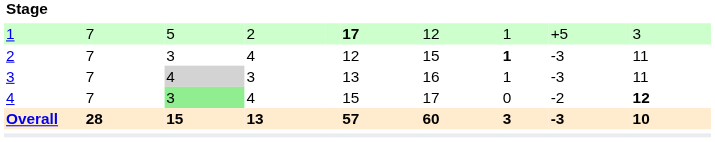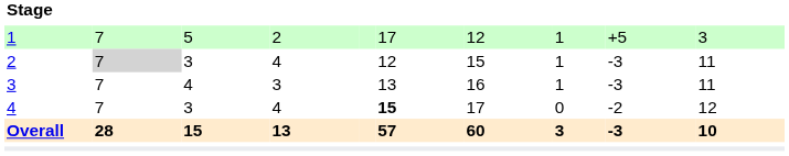 <table class="toccolours" border=0 cellpadding="2" cellspacing="0" style="font-size:95%; text-align:left; width:700px;">
 <tr align="left" style="background:#">
 <th style="width:75px">Stage</th>
 <th></th>
 <th></th>
 <th></th>
 <th></th>
 <th></th>
 <th></th>
 <th></th>
 <th></th>
 <th></th>
 </tr>
 <tr>
 <td colspan = "10"></td>
 </tr>
 <tr>
 </tr>
 <tr style="background:#cfc;">
 <td><a href='#'>1</a></td>
 <td>7</td>
 <td>5</td>
 <td>2</td>
 <td></td>
-<td><strong>17</strong></td>
+<td>17</td>
 <td>12</td>
 <td>1</td>
 <td>+5</td>
 <td>3</td>
 </tr>
 <tr>
 <td><a href='#'>2</a></td>
-<td>7</td>
+<td style="background: lightgrey;">7</td>
 <td>3</td>
 <td>4</td>
 <td></td>
 <td>12</td>
 <td>15</td>
-<td><strong>1</strong></td>
+<td>1</td>
 <td>-3</td>
 <td>11</td>
 </tr>
 <tr>
 <td><a href='#'>3</a></td>
 <td>7</td>
-<td style="background: lightgrey;">4</td>
+<td>4</td>
 <td>3</td>
 <td></td>
 <td>13</td>
 <td>16</td>
 <td>1</td>
 <td>-3</td>
 <td>11</td>
 </tr>
 <tr>
 <td><a href='#'>4</a></td>
 <td>7</td>
-<td style="background: lightgreen;">3</td>
+<td>3</td>
 <td>4</td>
 <td></td>
-<td>15</td>
+<td><strong>15</strong></td>
 <td>17</td>
 <td>0</td>
 <td>-2</td>
-<td><strong>12</strong></td>
+<td>12</td>
 </tr>
 <tr style="background-color:#ffebcd;">
 <th><a href='#'>Overall</a></th>
 <th>28</th>
 <th>15</th>
 <th>13</th>
 <th></th>
 <th>57</th>
 <th>60</th>
 <th>3</th>
 <th>-3</th>
 <th>10</th>
 </tr>
 <tr>
 <td colspan="10"></td>
 </tr>
 <tr align="left" style="background:#EAECF0; color:#000;">
 <td colspan="10" style="text-align:center;"> </td>
 </tr>
 </table>
